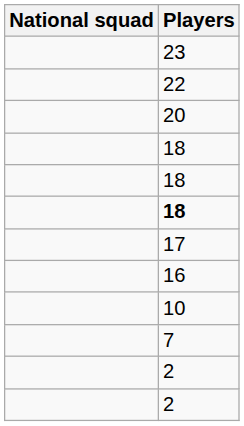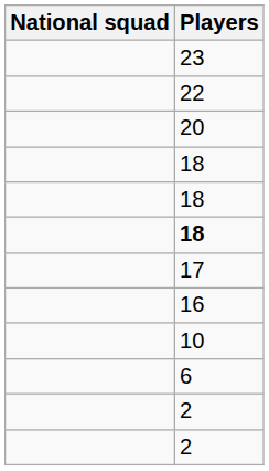 <table class="wikitable sortable">
 <tr>
 <th>National squad</th>
 <th>Players</th>
 </tr>
 <tr>
 <td></td>
 <td>23</td>
 </tr>
 <tr>
 <td></td>
 <td>22</td>
 </tr>
 <tr>
 <td></td>
 <td>20</td>
 </tr>
 <tr>
 <td></td>
 <td>18</td>
 </tr>
 <tr>
 <td></td>
 <td>18</td>
 </tr>
 <tr>
 <td></td>
 <td><strong>18</strong></td>
 </tr>
 <tr>
 <td></td>
 <td>17</td>
 </tr>
 <tr>
 <td></td>
 <td>16</td>
 </tr>
 <tr>
 <td></td>
 <td>10</td>
 </tr>
 <tr>
 <td></td>
-<td>7</td>
+<td>6</td>
 </tr>
 <tr>
 <td></td>
 <td>2</td>
 </tr>
 <tr>
 <td></td>
 <td>2</td>
 </tr>
 </table>
